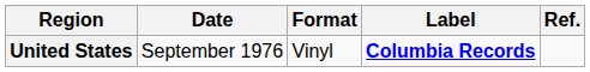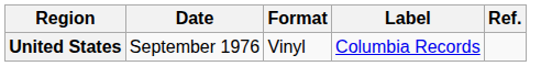 <table class="wikitable plainrowheaders">
 <tr>
 <th scope="col">Region</th>
 <th scope="col">Date</th>
 <th scope="col">Format</th>
 <th scope="col">Label</th>
 <th scope="col">Ref.</th>
 </tr>
 <tr>
 <th scope="row">United States</th>
 <td>September 1976</td>
 <td>Vinyl</td>
-<td><strong><a href='#'>Columbia Records</a></strong></td>
+<td><a href='#'>Columbia Records</a></td>
 <td></td>
 </tr>
 <tr>
 </tr>
 </table>
